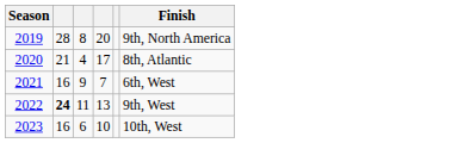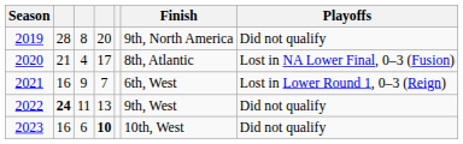 <table class="wikitable" style="text-align:center;">
 <tr>
 <th style="background:#">Season</th>
 <th style="background:#"></th>
 <th style="background:#"></th>
 <th style="background:#"></th>
 <th style="background:#"></th>
 <th style="background:#">Finish</th>
+<th style="background:#">Playoffs</th>
 </tr>
 <tr>
 <td><a href='#'>2019</a></td>
 <td>28</td>
 <td>8</td>
 <td>20</td>
 <td></td>
 <td style="text-align:left">9th, North America</td>
+<td style="text-align:left">Did not qualify</td>
 </tr>
 <tr>
 <td><a href='#'>2020</a></td>
 <td>21</td>
 <td>4</td>
 <td>17</td>
 <td></td>
 <td style="text-align:left">8th, Atlantic</td>
+<td style="text-align:left">Lost in <a href='#'>NA Lower Final</a>, 0–3 (<a href='#'>Fusion</a>)</td>
 </tr>
 <tr>
 <td><a href='#'>2021</a></td>
 <td>16</td>
 <td>9</td>
 <td>7</td>
 <td></td>
 <td style="text-align:left">6th, West</td>
+<td style="text-align:left">Lost in <a href='#'>Lower Round 1</a>, 0–3 (<a href='#'>Reign</a>)</td>
 </tr>
 <tr>
 <td><a href='#'>2022</a></td>
 <td><strong>24</strong></td>
 <td>11</td>
 <td>13</td>
 <td></td>
 <td style="text-align:left">9th, West</td>
+<td style="text-align:left">Did not qualify</td>
 </tr>
 <tr>
 <td><a href='#'>2023</a></td>
 <td>16</td>
 <td>6</td>
-<td>10</td>
+<td><strong>10</strong></td>
 <td></td>
 <td style="text-align:left">10th, West</td>
+<td style="text-align:left">Did not qualify</td>
 </tr>
 </table>
